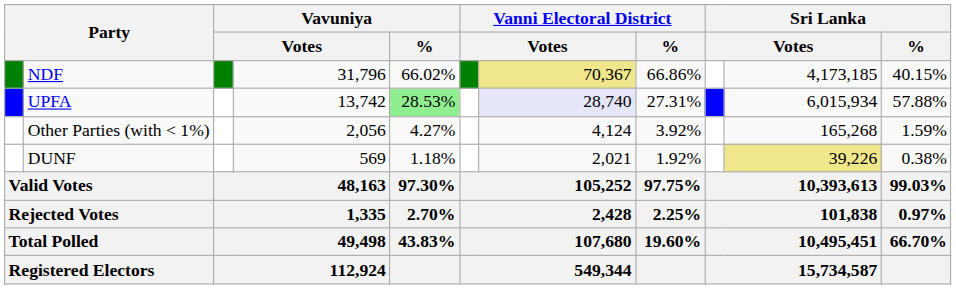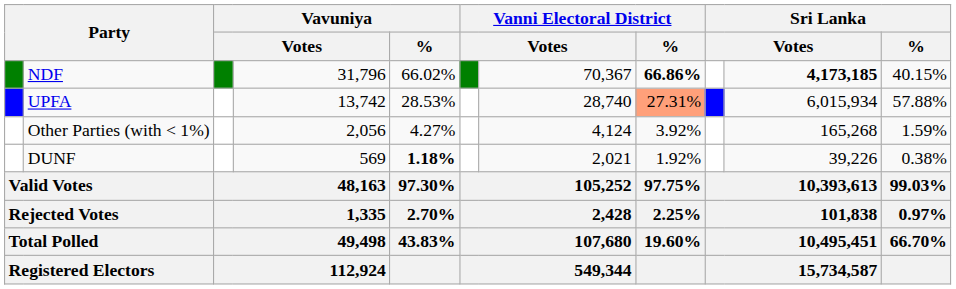 <table class="wikitable">
 <tr>
 <th colspan="2" width="144px"rowspan="2">Party</th>
 <th colspan="3" width="216px">Vavuniya</th>
 <th colspan="3" width="216px"><a href='#'>Vanni Electoral District</a></th>
 <th colspan="3" width="216px">Sri Lanka</th>
 </tr>
 <tr>
 <th colspan="2" width="144px">Votes</th>
 <th>%</th>
 <th colspan="2" width="144px">Votes</th>
 <th>%</th>
 <th colspan="2" width="144px">Votes</th>
 <th>%</th>
 </tr>
 <tr>
 <td style="background-color:green;" width="10px"></td>
 <td style="text-align:left;"><a href='#'>NDF</a></td>
 <td style="background-color:green;" width="10px"></td>
 <td style="text-align:right;">31,796</td>
 <td style="text-align:right;">66.02%</td>
 <td style="background-color:green;" width="10px"></td>
-<td style="background: khaki; text-align:right;">70,367</td>
-<td style="text-align:right;">66.86%</td>
+<td style="text-align:right;">70,367</td>
+<td style="text-align:right;"><strong>66.86%</strong></td>
 <td style="background-color:white;" width="10px"></td>
-<td style="text-align:right;">4,173,185</td>
+<td style="text-align:right;"><strong>4,173,185</strong></td>
 <td style="text-align:right;">40.15%</td>
 </tr>
 <tr>
 <td style="background-color:blue;" width="10px"></td>
 <td style="text-align:left;"><a href='#'>UPFA</a></td>
 <td style="background-color:white;" width="10px"></td>
 <td style="text-align:right;">13,742</td>
-<td style="background: lightgreen; text-align:right;">28.53%</td>
+<td style="text-align:right;">28.53%</td>
 <td style="background-color:white;" width="10px"></td>
-<td style="background: lavender; text-align:right;">28,740</td>
-<td style="text-align:right;">27.31%</td>
+<td style="text-align:right;">28,740</td>
+<td style="background: lightsalmon; text-align:right;">27.31%</td>
 <td style="background-color:blue;" width="10px"></td>
 <td style="text-align:right;">6,015,934</td>
 <td style="text-align:right;">57.88%</td>
 </tr>
 <tr>
 <td style="background-color:white;" width="10px"></td>
 <td style="text-align:left;">Other Parties (with < 1%)</td>
 <td style="background-color:white;" width="10px"></td>
 <td style="text-align:right;">2,056</td>
 <td style="text-align:right;">4.27%</td>
 <td style="background-color:white;" width="10px"></td>
 <td style="text-align:right;">4,124</td>
 <td style="text-align:right;">3.92%</td>
 <td style="background-color:white;" width="10px"></td>
 <td style="text-align:right;">165,268</td>
 <td style="text-align:right;">1.59%</td>
 </tr>
 <tr>
 <td style="background-color:white;" width="10px"></td>
 <td style="text-align:left;">DUNF</td>
 <td style="background-color:white;" width="10px"></td>
 <td style="text-align:right;">569</td>
-<td style="text-align:right;">1.18%</td>
+<td style="text-align:right;"><strong>1.18%</strong></td>
 <td style="background-color:white;" width="10px"></td>
 <td style="text-align:right;">2,021</td>
 <td style="text-align:right;">1.92%</td>
 <td style="background-color:white;" width="10px"></td>
-<td style="background: khaki; text-align:right;">39,226</td>
+<td style="text-align:right;">39,226</td>
 <td style="text-align:right;">0.38%</td>
 </tr>
 <tr>
 <th colspan="2" width="144px"style="text-align:left;">Valid Votes</th>
 <th style="text-align:right;"colspan="2" width="144px">48,163</th>
 <th style="text-align:right;">97.30%</th>
 <th style="text-align:right;"colspan="2" width="144px">105,252</th>
 <th style="text-align:right;">97.75%</th>
 <th style="text-align:right;"colspan="2" width="144px">10,393,613</th>
 <th style="text-align:right;">99.03%</th>
 </tr>
 <tr>
 <th colspan="2" width="144px"style="text-align:left;">Rejected Votes</th>
 <th style="text-align:right;"colspan="2" width="144px">1,335</th>
 <th style="text-align:right;">2.70%</th>
 <th style="text-align:right;"colspan="2" width="144px">2,428</th>
 <th style="text-align:right;">2.25%</th>
 <th style="text-align:right;"colspan="2" width="144px">101,838</th>
 <th style="text-align:right;">0.97%</th>
 </tr>
 <tr>
 <th colspan="2" width="144px"style="text-align:left;">Total Polled</th>
 <th style="text-align:right;"colspan="2" width="144px">49,498</th>
 <th style="text-align:right;">43.83%</th>
 <th style="text-align:right;"colspan="2" width="144px">107,680</th>
 <th style="text-align:right;">19.60%</th>
 <th style="text-align:right;"colspan="2" width="144px">10,495,451</th>
 <th style="text-align:right;">66.70%</th>
 </tr>
 <tr>
 <th colspan="2" width="144px"style="text-align:left;">Registered Electors</th>
 <th style="text-align:right;"colspan="2" width="144px">112,924</th>
 <th></th>
 <th style="text-align:right;"colspan="2" width="144px">549,344</th>
 <th></th>
 <th style="text-align:right;"colspan="2" width="144px">15,734,587</th>
 <th></th>
 </tr>
 </table>
